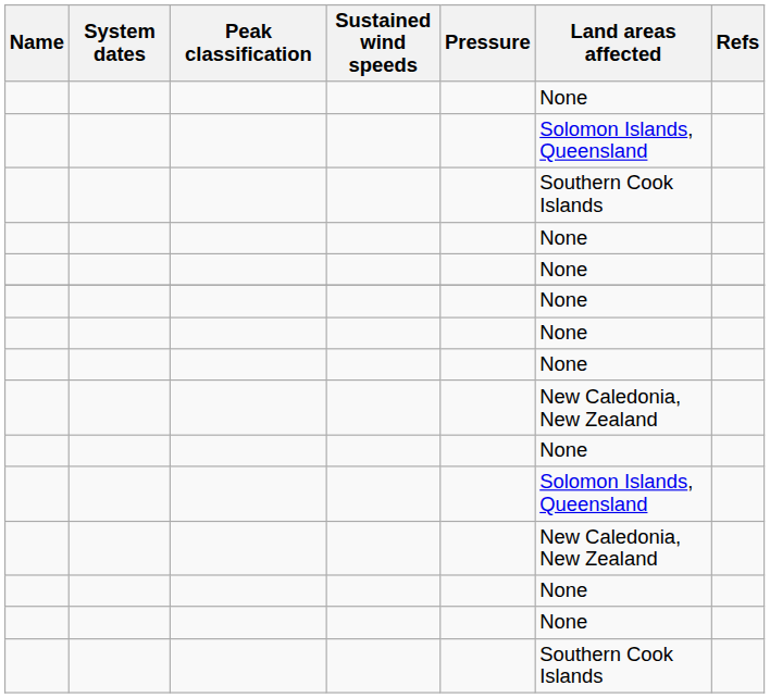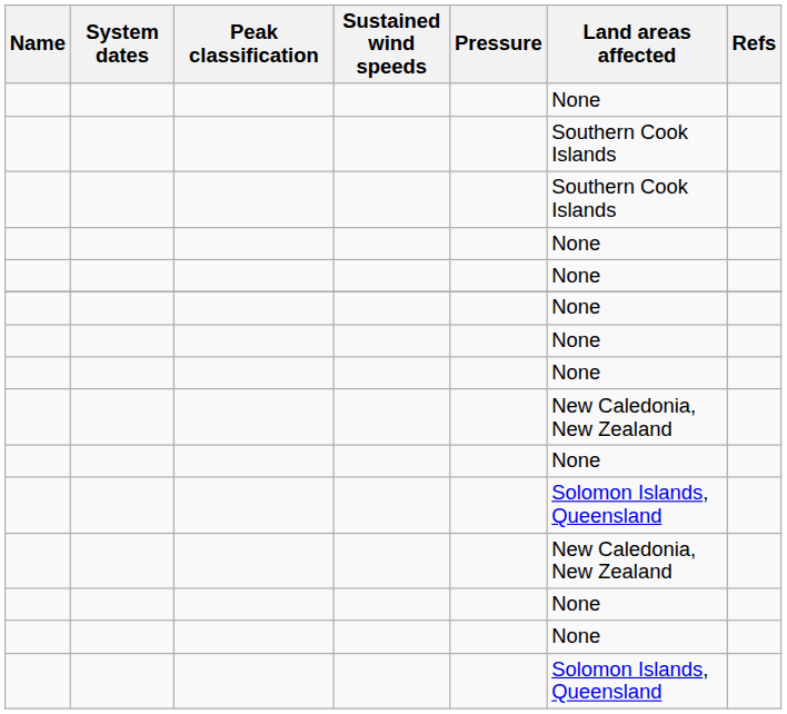 <table class="wikitable sortable">
 <tr>
 <th>Name</th>
 <th>System dates</th>
 <th>Peak classification</th>
 <th>Sustained<br>wind speeds</th>
 <th>Pressure</th>
 <th class="unsortable">Land areas affected</th>
 <th class="unsortable">Refs</th>
 </tr>
 <tr>
 <td></td>
 <td></td>
 <td></td>
 <td></td>
 <td></td>
 <td>None</td>
 <td></td>
 </tr>
 <tr>
 <td></td>
 <td></td>
 <td></td>
 <td></td>
 <td></td>
-<td><a href='#'>Solomon Islands</a>, <a href='#'>Queensland</a></td>
+<td>Southern Cook Islands</td>
 <td></td>
 </tr>
 <tr>
 <td></td>
 <td></td>
 <td></td>
 <td></td>
 <td></td>
 <td>Southern Cook Islands</td>
 <td></td>
 </tr>
 <tr>
 <td></td>
 <td></td>
 <td></td>
 <td></td>
 <td></td>
 <td>None</td>
 <td></td>
 </tr>
 <tr>
 <td></td>
 <td></td>
 <td></td>
 <td></td>
 <td></td>
 <td>None</td>
 <td></td>
 </tr>
 <tr>
 </tr>
 <tr>
 <td></td>
 <td></td>
 <td></td>
 <td></td>
 <td></td>
 <td>None</td>
 <td></td>
 </tr>
 <tr>
 <td></td>
 <td></td>
 <td></td>
 <td></td>
 <td></td>
 <td>None</td>
 <td></td>
 </tr>
 <tr>
 <td></td>
 <td></td>
 <td></td>
 <td></td>
 <td></td>
 <td>None</td>
 <td></td>
 </tr>
 <tr>
 <td></td>
 <td></td>
 <td></td>
 <td></td>
 <td></td>
 <td>New Caledonia, New Zealand</td>
 <td></td>
 </tr>
 <tr>
 <td></td>
 <td></td>
 <td></td>
 <td></td>
 <td></td>
 <td>None</td>
 <td></td>
 </tr>
 <tr>
 <td></td>
 <td></td>
 <td></td>
 <td></td>
 <td></td>
 <td><a href='#'>Solomon Islands</a>, <a href='#'>Queensland</a></td>
 <td></td>
 </tr>
 <tr>
 <td></td>
 <td></td>
 <td></td>
 <td></td>
 <td></td>
 <td>New Caledonia, New Zealand</td>
 <td></td>
 </tr>
 <tr>
 <td></td>
 <td></td>
 <td></td>
 <td></td>
 <td></td>
 <td>None</td>
 <td></td>
 </tr>
 <tr>
 <td></td>
 <td></td>
 <td></td>
 <td></td>
 <td></td>
 <td>None</td>
 <td></td>
 </tr>
 <tr>
 <td></td>
 <td></td>
 <td></td>
 <td></td>
 <td></td>
-<td>Southern Cook Islands</td>
+<td><a href='#'>Solomon Islands</a>, <a href='#'>Queensland</a></td>
 <td></td>
 </tr>
 </table>
